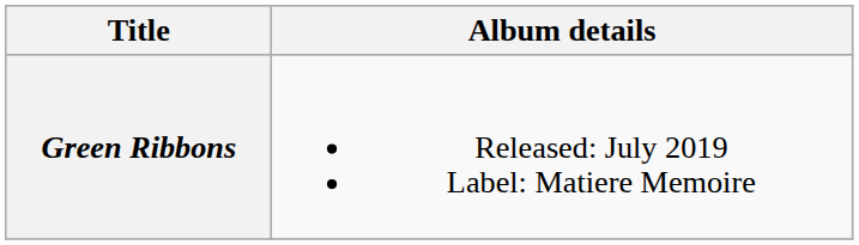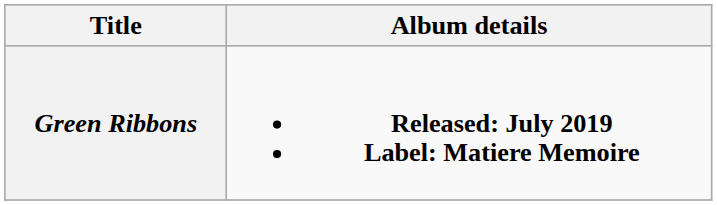 <table class="wikitable plainrowheaders" style="text-align:center;">
 <tr>
 <th scope="col" style="width:8em;">Title</th>
 <th scope="col" style="width:18em;">Album details</th>
 </tr>
 <tr>
 <th scope="row"><em>Green Ribbons</em></th>
-<td><br><ul><li>Released: July 2019</li><li>Label: Matiere Memoire</li></ul></td>
+<td><strong><br><ul><li>Released: July 2019</li><li>Label: Matiere Memoire</li></ul></strong></td>
 </tr>
 </table>
